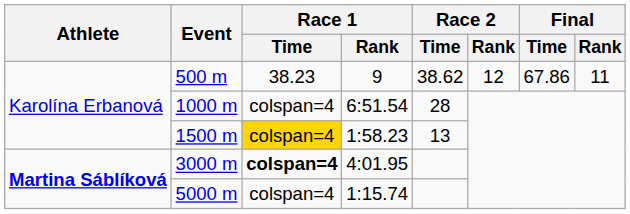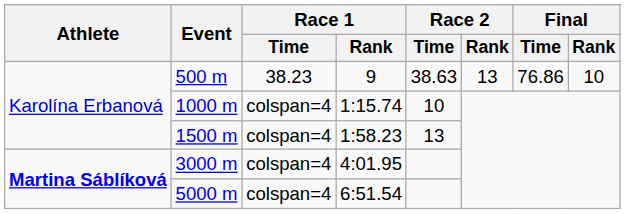 <table class="wikitable" style="font-size:90%">
 <tr>
 <th rowspan=2>Athlete</th>
 <th rowspan=2>Event</th>
 <th colspan=2>Race 1</th>
 <th colspan=2>Race 2</th>
 <th colspan=2>Final</th>
 </tr>
 <tr style="font-size:95%">
 <th>Time</th>
 <th>Rank</th>
 <th>Time</th>
 <th>Rank</th>
 <th>Time</th>
 <th>Rank</th>
 </tr>
 <tr align=center>
 <td align=left rowspan=3><a href='#'>Karolína Erbanová</a></td>
 <td align=left><a href='#'>500 m</a></td>
 <td>38.23</td>
 <td>9</td>
-<td>38.62</td>
-<td>12</td>
-<td>67.86</td>
-<td>11</td>
+<td>38.63</td>
+<td>13</td>
+<td>76.86</td>
+<td>10</td>
 </tr>
 <tr align=center>
 <td align=left><a href='#'>1000 m</a></td>
 <td>colspan=4 </td>
-<td>6:51.54</td>
-<td>28</td>
+<td>1:15.74</td>
+<td>10</td>
 </tr>
 <tr align=center>
 <td align=left><a href='#'>1500 m</a></td>
-<td style="background: gold;">colspan=4 </td>
+<td>colspan=4 </td>
 <td>1:58.23</td>
 <td>13</td>
 </tr>
 <tr align=center>
 <td align=left rowspan=2><strong><a href='#'>Martina Sáblíková</a></strong></td>
 <td align=left><a href='#'>3000 m</a></td>
-<td><strong>colspan=4 </strong></td>
+<td>colspan=4 </td>
 <td>4:01.95</td>
 <td></td>
 </tr>
 <tr align=center>
 <td align=left><a href='#'>5000 m</a></td>
 <td>colspan=4 </td>
-<td>1:15.74</td>
+<td>6:51.54</td>
 <td></td>
 </tr>
 </table>
